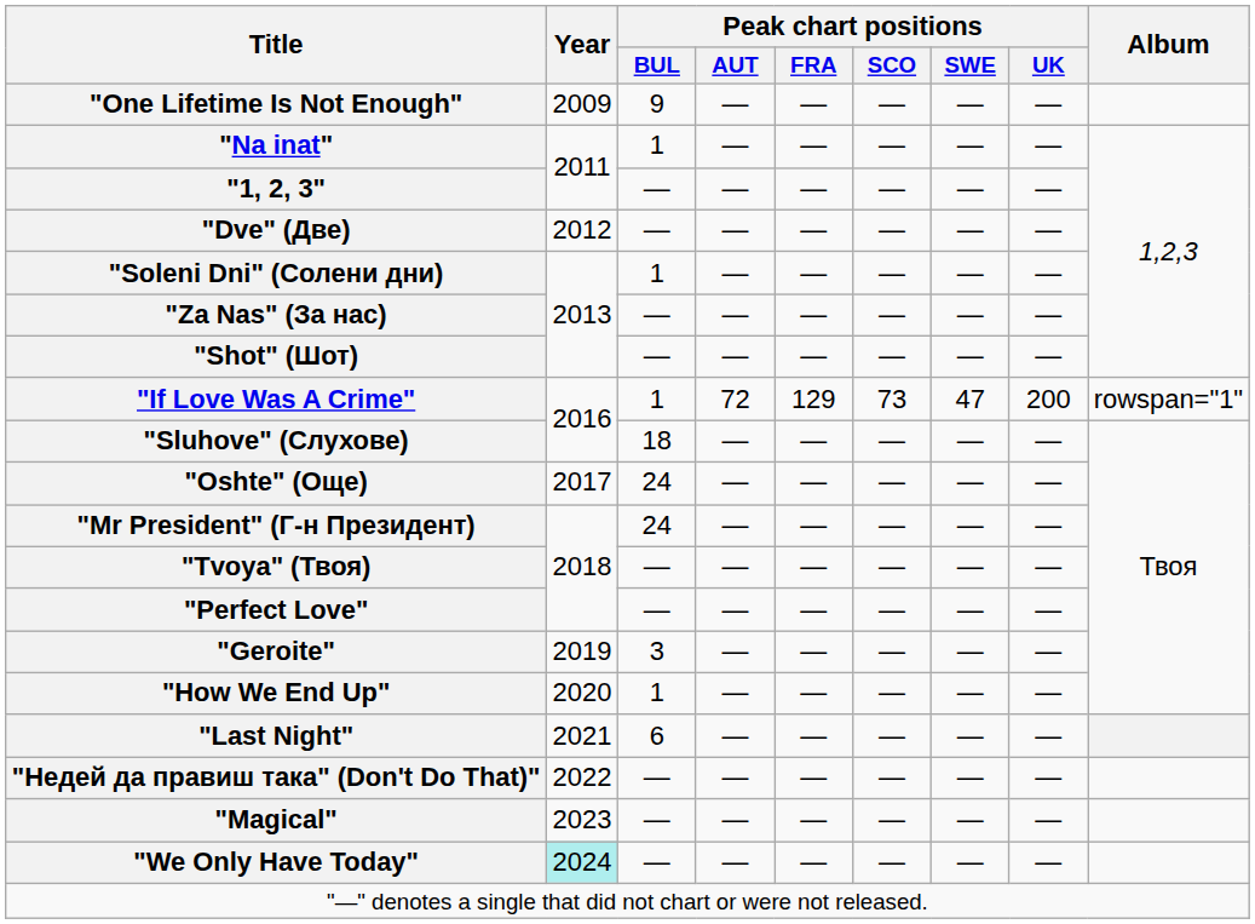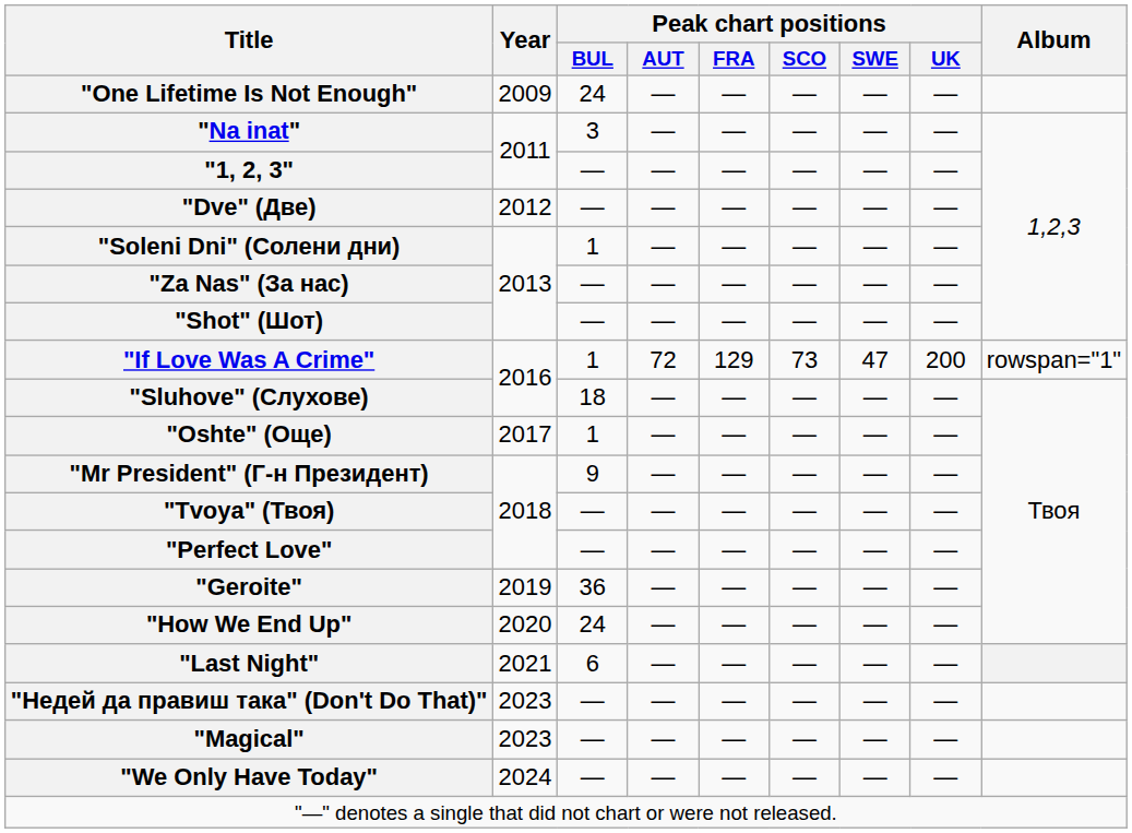 <table class="wikitable plainrowheaders" style="text-align:center;">
 <tr>
 <th scope="col" rowspan="2">Title</th>
 <th scope="col" rowspan="2">Year</th>
 <th scope="col" colspan="6">Peak chart positions</th>
 <th scope="col" rowspan="2">Album</th>
 </tr>
 <tr>
 <th scope="col" style="width:3em;font-size:85%;"><a href='#'>BUL</a><br></th>
 <th scope="col" style="width:3em;font-size:85%;"><a href='#'>AUT</a><br></th>
 <th scope="col" style="width:3em;font-size:85%;"><a href='#'>FRA</a><br></th>
 <th scope="col" style="width:3em;font-size:85%;"><a href='#'>SCO</a><br></th>
 <th scope="col" style="width:3em;font-size:85%;"><a href='#'>SWE</a><br></th>
 <th scope="col" style="width:3em;font-size:85%;"><a href='#'>UK</a><br></th>
 </tr>
 <tr>
 <th scope="row">"One Lifetime Is Not Enough"</th>
 <td>2009</td>
-<td>9</td>
+<td>24</td>
 <td>—</td>
 <td>—</td>
 <td>—</td>
 <td>—</td>
 <td>—</td>
 <td></td>
 </tr>
 <tr>
 <th scope="row">"<a href='#'>Na inat</a>"</th>
 <td rowspan="2">2011</td>
-<td>1</td>
+<td>3</td>
 <td>—</td>
 <td>—</td>
 <td>—</td>
 <td>—</td>
 <td>—</td>
 <td rowspan="6"><em>1,2,3</em></td>
 </tr>
 <tr>
 <th scope="row">"1, 2, 3"</th>
 <td>—</td>
 <td>—</td>
 <td>—</td>
 <td>—</td>
 <td>—</td>
 <td>—</td>
 </tr>
 <tr>
 <th scope="row">"Dve" <span>(Две)</span></th>
 <td>2012</td>
 <td>—</td>
 <td>—</td>
 <td>—</td>
 <td>—</td>
 <td>—</td>
 <td>—</td>
 </tr>
 <tr>
 <th scope="row">"Soleni Dni" <span>(Солени дни)</span></th>
 <td rowspan="3">2013</td>
 <td>1</td>
 <td>—</td>
 <td>—</td>
 <td>—</td>
 <td>—</td>
 <td>—</td>
 </tr>
 <tr>
 <th scope="row">"Za Nas" <span>(За нас)</span></th>
 <td>—</td>
 <td>—</td>
 <td>—</td>
 <td>—</td>
 <td>—</td>
 <td>—</td>
 </tr>
 <tr>
 <th scope="row">"Shot" <span>(Шот)</span></th>
 <td>—</td>
 <td>—</td>
 <td>—</td>
 <td>—</td>
 <td>—</td>
 <td>—</td>
 </tr>
 <tr>
 <th scope="row"><a href='#'>"If Love Was A Crime"</a></th>
 <td rowspan="2">2016</td>
 <td>1</td>
 <td>72</td>
 <td>129</td>
 <td>73</td>
 <td>47</td>
 <td>200</td>
 <td>rowspan="1" </td>
 </tr>
 <tr>
 <th scope="row">"Sluhove" <span>(Слухове)</span></th>
 <td>18</td>
 <td>—</td>
 <td>—</td>
 <td>—</td>
 <td>—</td>
 <td>—</td>
 <td rowspan="7">Твоя</td>
 </tr>
 <tr>
 <th scope="row">"Oshte" <span>(Още)</span></th>
 <td>2017</td>
-<td>24</td>
+<td>1</td>
 <td>—</td>
 <td>—</td>
 <td>—</td>
 <td>—</td>
 <td>—</td>
 </tr>
 <tr>
 <th scope="row">"Mr President" <span>(Г-н Президент)</span></th>
 <td rowspan="3">2018</td>
-<td>24</td>
+<td>9</td>
 <td>—</td>
 <td>—</td>
 <td>—</td>
 <td>—</td>
 <td>—</td>
 </tr>
 <tr>
 <th scope="row">"Tvoya" <span>(Твоя)</span></th>
 <td>—</td>
 <td>—</td>
 <td>—</td>
 <td>—</td>
 <td>—</td>
 <td>—</td>
 </tr>
 <tr>
 <th scope="row">"Perfect Love"</th>
 <td>—</td>
 <td>—</td>
 <td>—</td>
 <td>—</td>
 <td>—</td>
 <td>—</td>
 </tr>
 <tr>
 <th scope="row">"Geroite"</th>
 <td>2019</td>
-<td>3</td>
+<td>36</td>
 <td>—</td>
 <td>—</td>
 <td>—</td>
 <td>—</td>
 <td>—</td>
 </tr>
 <tr>
 <th scope="row">"How We End Up"</th>
 <td>2020</td>
-<td>1</td>
+<td>24</td>
 <td>—</td>
 <td>—</td>
 <td>—</td>
 <td>—</td>
 <td>—</td>
 </tr>
 <tr>
 <th scope="row">"Last Night"</th>
 <td>2021</td>
 <td>6</td>
 <td>—</td>
 <td>—</td>
 <td>—</td>
 <td>—</td>
 <td>—</td>
 <th scope="row"></th>
 </tr>
 <tr>
 <th scope="row">"Недей да правиш така" (Don't Do That)"</th>
-<td>2022</td>
+<td>2023</td>
 <td>—</td>
 <td>—</td>
 <td>—</td>
 <td>—</td>
 <td>—</td>
 <td>—</td>
 <td></td>
 </tr>
 <tr>
 <th scope="row">"Magical"</th>
 <td>2023</td>
 <td>—</td>
 <td>—</td>
 <td>—</td>
 <td>—</td>
 <td>—</td>
 <td>—</td>
 <td></td>
 </tr>
 <tr>
 <th scope="row">"We Only Have Today"</th>
-<td style="background: paleturquoise;">2024</td>
+<td>2024</td>
 <td>—</td>
 <td>—</td>
 <td>—</td>
 <td>—</td>
 <td>—</td>
 <td>—</td>
 <td></td>
 </tr>
 <tr>
 <td colspan="20" style="text-align:center; font-size:85%;">"—" denotes a single that did not chart or were not released.</td>
 </tr>
 </table>
